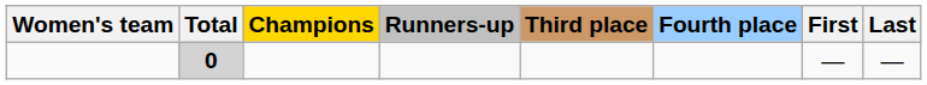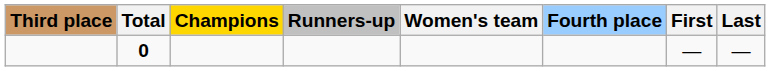 <table class="wikitable" style="text-align: center; font-size: 90%; margin-left: 1em;">
 <tr>
-<th>Women's team</th>
+<th style="background-color: #cc9966;">Third place</th>
 <th>Total</th>
 <th style="background-color: gold;">Champions</th>
 <th style="background-color: silver;">Runners-up</th>
-<th style="background-color: #cc9966;">Third place</th>
+<th>Women's team</th>
 <th style="background-color: #9acdff;">Fourth place</th>
 <th>First</th>
 <th>Last</th>
 </tr>
 <tr>
-<td style="text-align: left;"></td>
-<td style="background: lightgrey;"><strong>0</strong></td>
+<td></td>
+<td><strong>0</strong></td>
 <td></td>
 <td></td>
-<td></td>
+<td style="text-align: left;"></td>
 <td></td>
 <td>—</td>
 <td>—</td>
 </tr>
 </table>
